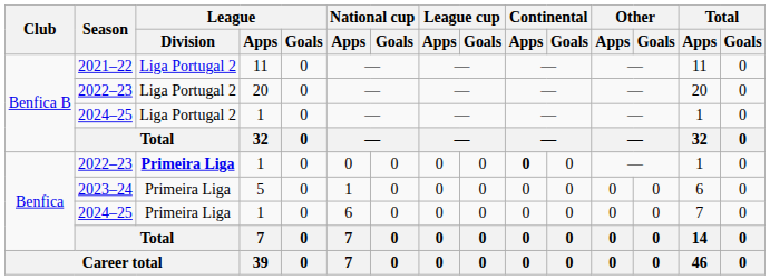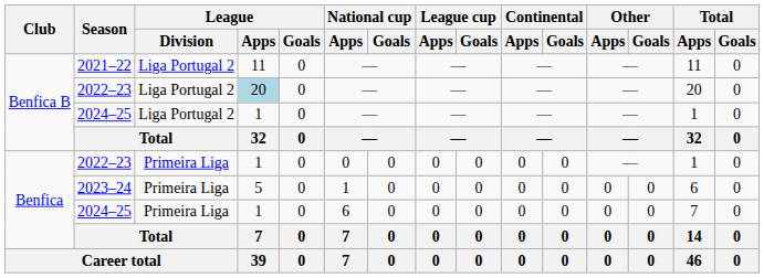 <table class="wikitable" style="text-align: center">
 <tr>
 <th rowspan="2">Club</th>
 <th rowspan="2">Season</th>
 <th colspan="3">League</th>
 <th colspan="2">National cup</th>
 <th colspan="2">League cup</th>
 <th colspan="2">Continental</th>
 <th colspan="2">Other</th>
 <th colspan="2">Total</th>
 </tr>
 <tr>
 <th>Division</th>
 <th>Apps</th>
 <th>Goals</th>
 <th>Apps</th>
 <th>Goals</th>
 <th>Apps</th>
 <th>Goals</th>
 <th>Apps</th>
 <th>Goals</th>
 <th>Apps</th>
 <th>Goals</th>
 <th>Apps</th>
 <th>Goals</th>
 </tr>
 <tr>
 <td rowspan="4"><a href='#'>Benfica B</a></td>
 <td><a href='#'>2021–22</a></td>
 <td><a href='#'>Liga Portugal 2</a></td>
 <td>11</td>
 <td>0</td>
 <td colspan="2">—</td>
 <td colspan="2">—</td>
 <td colspan="2">—</td>
 <td colspan="2">—</td>
 <td>11</td>
 <td>0</td>
 </tr>
 <tr>
 <td><a href='#'>2022–23</a></td>
 <td>Liga Portugal 2</td>
-<td>20</td>
+<td style="background: lightblue;">20</td>
 <td>0</td>
 <td colspan="2">—</td>
 <td colspan="2">—</td>
 <td colspan="2">—</td>
 <td colspan="2">—</td>
 <td>20</td>
 <td>0</td>
 </tr>
 <tr>
 <td><a href='#'>2024–25</a></td>
 <td>Liga Portugal 2</td>
 <td>1</td>
 <td>0</td>
 <td colspan="2">—</td>
 <td colspan="2">—</td>
 <td colspan="2">—</td>
 <td colspan="2">—</td>
 <td>1</td>
 <td>0</td>
 </tr>
 <tr>
 <th colspan="2">Total</th>
 <th>32</th>
 <th>0</th>
 <th colspan="2">—</th>
 <th colspan="2">—</th>
 <th colspan="2">—</th>
 <th colspan="2">—</th>
 <th>32</th>
 <th>0</th>
 </tr>
 <tr>
 <td rowspan="4"><a href='#'>Benfica</a></td>
 <td><a href='#'>2022–23</a></td>
-<td><strong><a href='#'>Primeira Liga</a></strong></td>
+<td><a href='#'>Primeira Liga</a></td>
 <td>1</td>
 <td>0</td>
 <td>0</td>
 <td>0</td>
 <td>0</td>
 <td>0</td>
-<td><strong>0</strong></td>
+<td>0</td>
 <td>0</td>
 <td colspan="2">—</td>
 <td>1</td>
 <td>0</td>
 </tr>
 <tr>
 <td><a href='#'>2023–24</a></td>
 <td>Primeira Liga</td>
 <td>5</td>
 <td>0</td>
 <td>1</td>
 <td>0</td>
 <td>0</td>
 <td>0</td>
 <td>0</td>
 <td>0</td>
 <td>0</td>
 <td>0</td>
 <td>6</td>
 <td>0</td>
 </tr>
 <tr>
 <td><a href='#'>2024–25</a></td>
 <td>Primeira Liga</td>
 <td>1</td>
 <td>0</td>
 <td>6</td>
 <td>0</td>
 <td>0</td>
 <td>0</td>
 <td>0</td>
 <td>0</td>
 <td>0</td>
 <td>0</td>
 <td>7</td>
 <td>0</td>
 </tr>
 <tr>
 <th colspan="2">Total</th>
 <th>7</th>
 <th>0</th>
 <th>7</th>
 <th>0</th>
 <th>0</th>
 <th>0</th>
 <th>0</th>
 <th>0</th>
 <th>0</th>
 <th>0</th>
 <th>14</th>
 <th>0</th>
 </tr>
 <tr>
 <th colspan="3"><strong>Career total</strong></th>
 <th>39</th>
 <th>0</th>
 <th>7</th>
 <th>0</th>
 <th>0</th>
 <th>0</th>
 <th>0</th>
 <th>0</th>
 <th>0</th>
 <th>0</th>
 <th>46</th>
 <th>0</th>
 </tr>
 </table>
